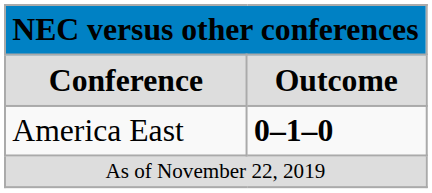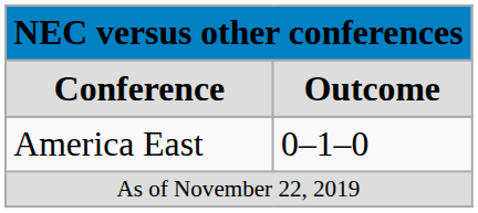 <table class="wikitable" style="white-space:nowrap; font-size:100%;">
 <tr>
 <td colspan="2" style="text-align:center; background:#0081C4;"><span><strong>NEC versus other conferences</strong></span></td>
 </tr>
 <tr>
 <th style="text-align:center; background:#ddd;">Conference</th>
 <th style="text-align:center; background:#ddd;">Outcome</th>
 </tr>
 <tr>
 <td>America East</td>
-<td><strong>0–1–0</strong></td>
+<td>0–1–0</td>
 </tr>
 <tr>
 <td colspan="2"  style="font-size:8pt; text-align:center; background:#ddd;">As of November 22, 2019</td>
 </tr>
 </table>
